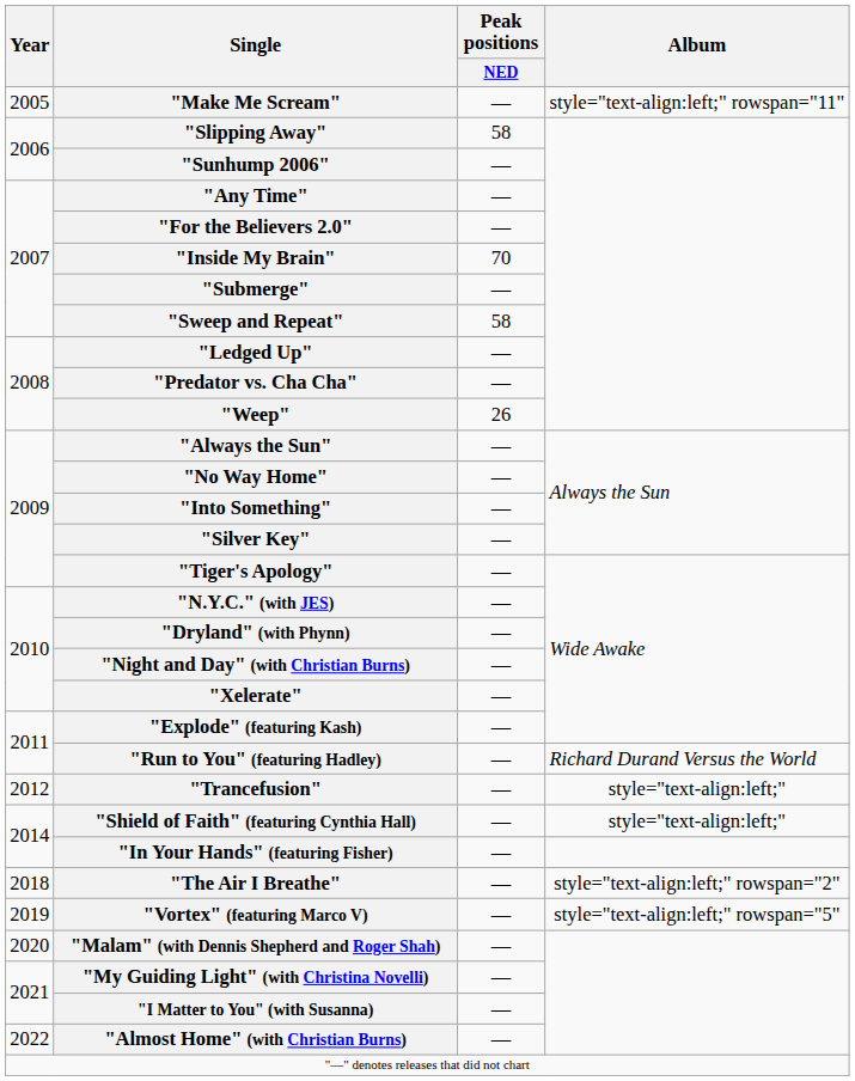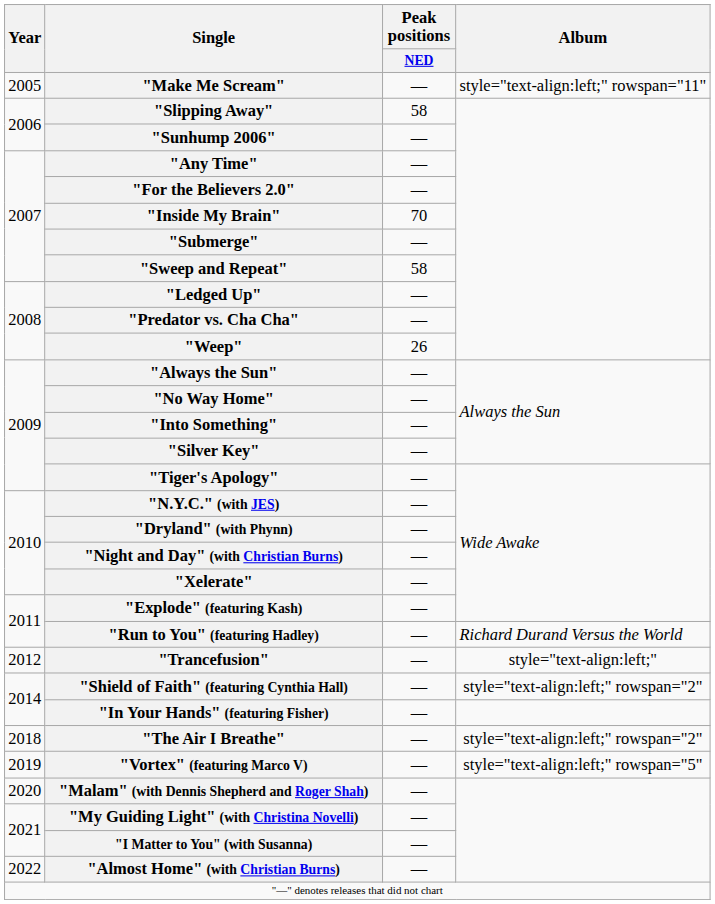 <table class="wikitable plainrowheaders" style="text-align:center;">
 <tr>
 <th rowspan="2">Year</th>
 <th rowspan="2" style="width:20em;">Single</th>
 <th>Peak positions</th>
 <th rowspan="2">Album</th>
 </tr>
 <tr style="font-size:smaller;">
 <th style="width:65px;"><a href='#'>NED</a></th>
 </tr>
 <tr>
 <td>2005</td>
 <th scope="row">"Make Me Scream"</th>
 <td>—</td>
 <td>style="text-align:left;" rowspan="11" </td>
 </tr>
 <tr>
 <td rowspan=2>2006</td>
 <th scope="row">"Slipping Away"</th>
 <td>58</td>
 </tr>
 <tr>
 <th scope="row">"Sunhump 2006"</th>
 <td>—</td>
 </tr>
 <tr>
 <td rowspan=5>2007</td>
 <th scope="row">"Any Time"</th>
 <td>—</td>
 </tr>
 <tr>
 <th scope="row">"For the Believers 2.0"</th>
 <td>—</td>
 </tr>
 <tr>
 <th scope="row">"Inside My Brain"</th>
 <td>70</td>
 </tr>
 <tr>
 <th scope="row">"Submerge"</th>
 <td>—</td>
 </tr>
 <tr>
 <th scope="row">"Sweep and Repeat"</th>
 <td>58</td>
 </tr>
 <tr>
 <td rowspan=3>2008</td>
 <th scope="row">"Ledged Up"</th>
 <td>—</td>
 </tr>
 <tr>
 <th scope="row">"Predator vs. Cha Cha"</th>
 <td>—</td>
 </tr>
 <tr>
 <th scope="row">"Weep"</th>
 <td>26</td>
 </tr>
 <tr>
 <td rowspan=5>2009</td>
 <th scope="row">"Always the Sun"</th>
 <td>—</td>
 <td style="text-align:left;" rowspan="4"><em>Always the Sun</em></td>
 </tr>
 <tr>
 <th scope="row">"No Way Home"</th>
 <td>—</td>
 </tr>
 <tr>
 <th scope="row">"Into Something"</th>
 <td>—</td>
 </tr>
 <tr>
 <th scope="row">"Silver Key"</th>
 <td>—</td>
 </tr>
 <tr>
 <th scope="row">"Tiger's Apology"</th>
 <td>—</td>
 <td style="text-align:left;" rowspan="6"><em>Wide Awake</em></td>
 </tr>
 <tr>
 <td rowspan=4>2010</td>
 <th scope="row">"N.Y.C." <small>(with <a href='#'>JES</a>)</small></th>
 <td>—</td>
 </tr>
 <tr>
 <th scope="row">"Dryland" <small>(with Phynn)</small></th>
 <td>—</td>
 </tr>
 <tr>
 <th scope="row">"Night and Day" <small>(with <a href='#'>Christian Burns</a>)</small></th>
 <td>—</td>
 </tr>
 <tr>
 <th scope="row">"Xelerate"</th>
 <td>—</td>
 </tr>
 <tr>
 <td rowspan=2>2011</td>
 <th scope="row">"Explode" <small>(featuring Kash)</small></th>
 <td>—</td>
 </tr>
 <tr>
 <th scope="row">"Run to You" <small>(featuring Hadley)</small></th>
 <td>—</td>
 <td style="text-align:left;"><em>Richard Durand Versus the World</em></td>
 </tr>
 <tr>
 <td>2012</td>
 <th scope="row">"Trancefusion"</th>
 <td>—</td>
 <td>style="text-align:left;" </td>
 </tr>
 <tr>
 <td rowspan=2>2014</td>
 <th scope="row">"Shield of Faith" <small>(featuring Cynthia Hall)</small></th>
 <td>—</td>
-<td>style="text-align:left;" </td>
+<td>style="text-align:left;" rowspan="2" </td>
 </tr>
 <tr>
 <th scope="row">"In Your Hands" <small>(featuring Fisher)</small></th>
 <td>—</td>
 </tr>
 <tr>
 <td>2018</td>
 <th scope="row">"The Air I Breathe"</th>
 <td>—</td>
 <td>style="text-align:left;" rowspan="2" </td>
 </tr>
 <tr>
 <td>2019</td>
 <th scope="row">"Vortex" <small>(featuring Marco V)</small></th>
 <td>—</td>
 <td>style="text-align:left;" rowspan="5" </td>
 </tr>
 <tr>
 <td>2020</td>
 <th scope="row">"Malam" <small>(with Dennis Shepherd and <a href='#'>Roger Shah</a>)</small></th>
 <td>—</td>
 </tr>
 <tr>
 <td rowspan=2>2021</td>
 <th scope="row">"My Guiding Light" <small>(with <a href='#'>Christina Novelli</a>)</small></th>
 <td>—</td>
 </tr>
 <tr>
 <th scope="row"><small>"I  Matter to You" (with Susanna)</small></th>
 <td>—</td>
 </tr>
 <tr>
 <td>2022</td>
 <th scope="row">"Almost Home" <small>(with <a href='#'>Christian Burns</a>)</small></th>
 <td>—</td>
 </tr>
 <tr>
 <td colspan="4" style="font-size:8pt">"—" denotes releases that did not chart</td>
 </tr>
 </table>
